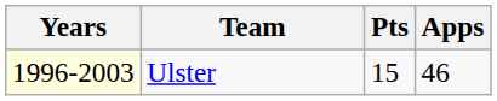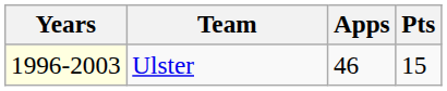 <table class="wikitable" style="text-align:left;">
 <tr>
 <th>Years</th>
 <th width=120px>Team</th>
+<th>Apps</th>
 <th>Pts</th>
-<th>Apps</th>
 </tr>
 <tr>
 <td style="background: lightyellow;">1996-2003</td>
 <td><a href='#'>Ulster</a></td>
+<td>46</td>
 <td>15</td>
-<td>46</td>
 </tr>
 </table>
